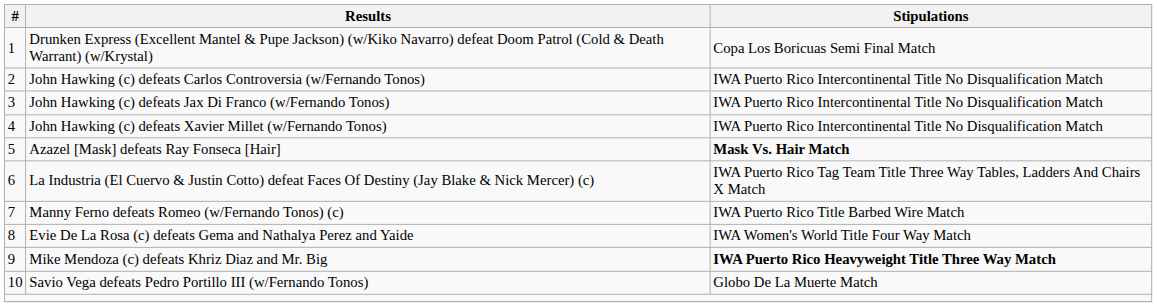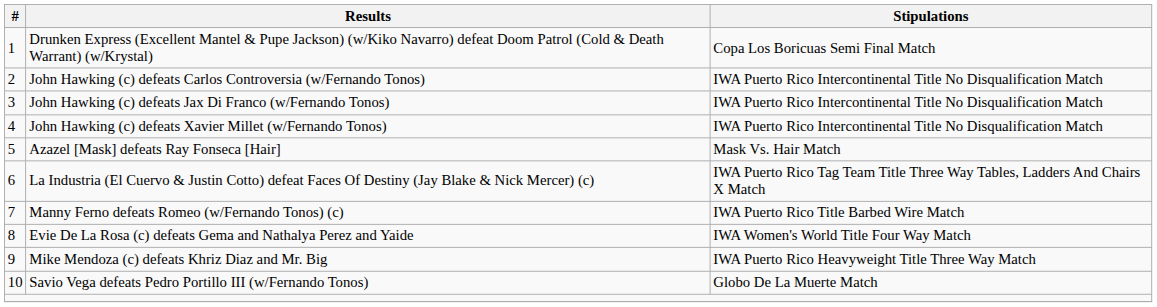 <table class="wikitable">
 <tr>
 <th>#</th>
 <th>Results</th>
 <th>Stipulations</th>
 </tr>
 <tr>
 <td>1</td>
 <td>Drunken Express (Excellent Mantel & Pupe Jackson) (w/Kiko Navarro) defeat Doom Patrol (Cold & Death Warrant) (w/Krystal)</td>
 <td>Copa Los Boricuas Semi Final Match</td>
 </tr>
 <tr>
 <td>2</td>
 <td>John Hawking (c) defeats Carlos Controversia (w/Fernando Tonos)</td>
 <td>IWA Puerto Rico Intercontinental Title No Disqualification Match</td>
 </tr>
 <tr>
 <td>3</td>
 <td>John Hawking (c) defeats Jax Di Franco (w/Fernando Tonos)</td>
 <td>IWA Puerto Rico Intercontinental Title No Disqualification Match</td>
 </tr>
 <tr>
 <td>4</td>
 <td>John Hawking (c) defeats Xavier Millet (w/Fernando Tonos)</td>
 <td>IWA Puerto Rico Intercontinental Title No Disqualification Match</td>
 </tr>
 <tr>
 <td>5</td>
 <td>Azazel [Mask] defeats Ray Fonseca [Hair]</td>
-<td><strong>Mask Vs. Hair Match</strong></td>
+<td>Mask Vs. Hair Match</td>
 </tr>
 <tr>
 <td>6</td>
 <td>La Industria (El Cuervo & Justin Cotto) defeat Faces Of Destiny (Jay Blake & Nick Mercer) (c)</td>
 <td>IWA Puerto Rico Tag Team Title Three Way Tables, Ladders And Chairs X Match</td>
 </tr>
 <tr>
 <td>7</td>
 <td>Manny Ferno defeats Romeo (w/Fernando Tonos) (c)</td>
 <td>IWA Puerto Rico Title Barbed Wire Match</td>
 </tr>
 <tr>
 <td>8</td>
 <td>Evie De La Rosa (c) defeats Gema and Nathalya Perez and Yaide</td>
 <td>IWA Women's World Title Four Way Match</td>
 </tr>
 <tr>
 <td>9</td>
 <td>Mike Mendoza (c) defeats Khriz Diaz and Mr. Big</td>
-<td><strong>IWA Puerto Rico Heavyweight Title Three Way Match</strong></td>
+<td>IWA Puerto Rico Heavyweight Title Three Way Match</td>
 </tr>
 <tr>
 <td>10</td>
 <td>Savio Vega defeats Pedro Portillo III (w/Fernando Tonos)</td>
 <td>Globo De La Muerte Match</td>
 </tr>
 <tr>
 <td colspan="10"></td>
 </tr>
 <tr>
 </tr>
 </table>
